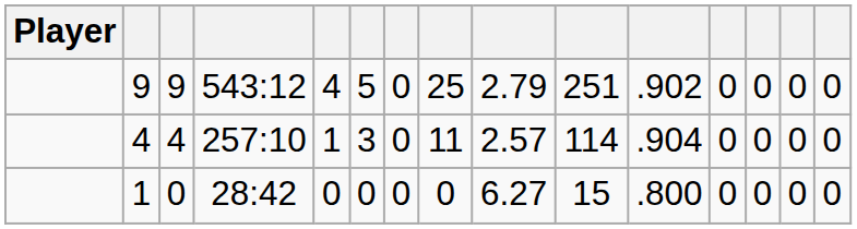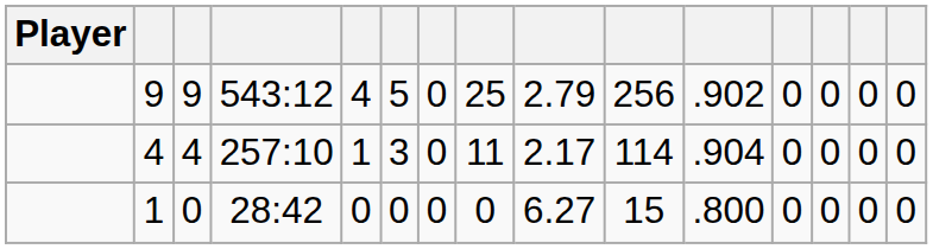 <table class="wikitable sortable" style=" text-align:center;">
 <tr>
 <th>Player</th>
 <th></th>
 <th></th>
 <th></th>
 <th></th>
 <th></th>
 <th></th>
 <th></th>
 <th></th>
 <th></th>
 <th></th>
 <th></th>
 <th></th>
 <th></th>
 <th></th>
 </tr>
 <tr>
 <td></td>
 <td>9</td>
 <td>9</td>
 <td>543:12</td>
 <td>4</td>
 <td>5</td>
 <td>0</td>
 <td>25</td>
 <td>2.79</td>
-<td>251</td>
+<td>256</td>
 <td>.902</td>
 <td>0</td>
 <td>0</td>
 <td>0</td>
 <td>0</td>
 </tr>
 <tr>
 <td></td>
 <td>4</td>
 <td>4</td>
 <td>257:10</td>
 <td>1</td>
 <td>3</td>
 <td>0</td>
 <td>11</td>
-<td>2.57</td>
+<td>2.17</td>
 <td>114</td>
 <td>.904</td>
 <td>0</td>
 <td>0</td>
 <td>0</td>
 <td>0</td>
 </tr>
 <tr>
 <td></td>
 <td>1</td>
 <td>0</td>
 <td>28:42</td>
 <td>0</td>
 <td>0</td>
 <td>0</td>
 <td>0</td>
 <td>6.27</td>
 <td>15</td>
 <td>.800</td>
 <td>0</td>
 <td>0</td>
 <td>0</td>
 <td>0</td>
 </tr>
 </table>
